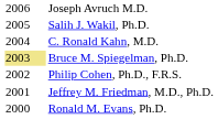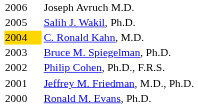 <table 2006 ||>
 <tr>
 <td>2006</td>
 <td>Joseph Avruch M.D.</td>
 </tr>
 <tr>
 <td>2005</td>
 <td><a href='#'>Salih J. Wakil</a>, Ph.D.</td>
 </tr>
 <tr>
-<td>2004</td>
+<td style="background: gold;">2004</td>
 <td><a href='#'>C. Ronald Kahn</a>, M.D.</td>
 </tr>
 <tr>
-<td style="background: khaki;">2003</td>
+<td>2003</td>
 <td><a href='#'>Bruce M. Spiegelman</a>, Ph.D.</td>
 </tr>
 <tr>
 <td>2002</td>
 <td><a href='#'>Philip Cohen</a>, Ph.D., F.R.S.</td>
 </tr>
 <tr>
 <td>2001</td>
 <td><a href='#'>Jeffrey M. Friedman</a>, M.D., Ph.D.</td>
 </tr>
 <tr>
 <td>2000     </td>
 <td><a href='#'>Ronald M. Evans</a>, Ph.D.</td>
 </tr>
 </table>
